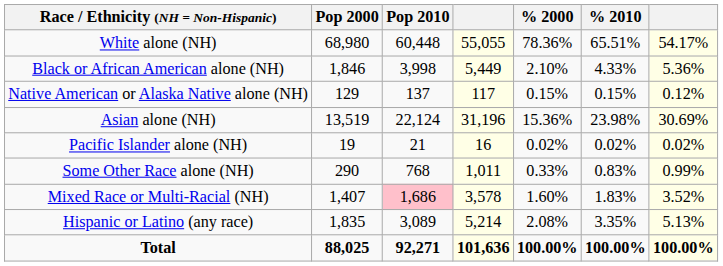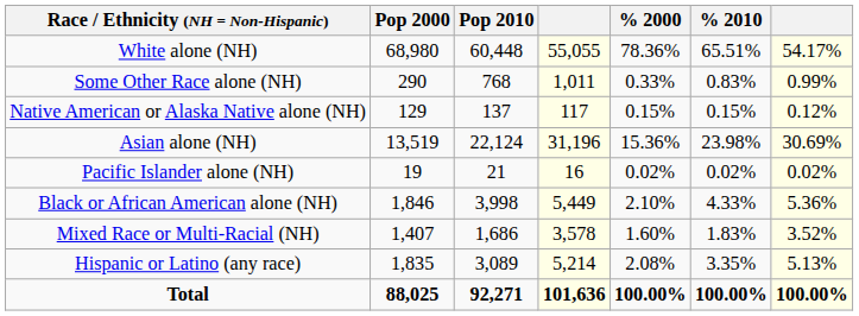 <table class="wikitable" style="text-align:center;">
 <tr>
 <th>Race / Ethnicity <small>(<em>NH = Non-Hispanic</em>)</small></th>
 <th>Pop 2000</th>
 <th>Pop 2010</th>
 <th></th>
 <th>% 2000</th>
 <th>% 2010</th>
 <th></th>
 </tr>
 <tr>
 <td><a href='#'>White</a> alone (NH)</td>
 <td>68,980</td>
 <td>60,448</td>
 <td style='background: #ffffe6;'>55,055</td>
 <td>78.36%</td>
 <td>65.51%</td>
 <td style='background: #ffffe6;'>54.17%</td>
 </tr>
 <tr>
-<td><a href='#'>Black or African American</a> alone (NH)</td>
-<td>1,846</td>
-<td>3,998</td>
-<td style='background: #ffffe6;'>5,449</td>
-<td>2.10%</td>
-<td>4.33%</td>
-<td style='background: #ffffe6;'>5.36%</td>
+<td><a href='#'>Some Other Race</a> alone (NH)</td>
+<td>290</td>
+<td>768</td>
+<td style='background: #ffffe6;'>1,011</td>
+<td>0.33%</td>
+<td>0.83%</td>
+<td style='background: #ffffe6;'>0.99%</td>
 </tr>
 <tr>
 <td><a href='#'>Native American</a> or <a href='#'>Alaska Native</a> alone (NH)</td>
 <td>129</td>
 <td>137</td>
 <td style='background: #ffffe6;'>117</td>
 <td>0.15%</td>
 <td>0.15%</td>
 <td style='background: #ffffe6;'>0.12%</td>
 </tr>
 <tr>
 <td><a href='#'>Asian</a> alone (NH)</td>
 <td>13,519</td>
 <td>22,124</td>
 <td style='background: #ffffe6;'>31,196</td>
 <td>15.36%</td>
 <td>23.98%</td>
 <td style='background: #ffffe6;'>30.69%</td>
 </tr>
 <tr>
 <td><a href='#'>Pacific Islander</a> alone (NH)</td>
 <td>19</td>
 <td>21</td>
 <td style='background: #ffffe6;'>16</td>
 <td>0.02%</td>
 <td>0.02%</td>
 <td style='background: #ffffe6;'>0.02%</td>
 </tr>
 <tr>
-<td><a href='#'>Some Other Race</a> alone (NH)</td>
-<td>290</td>
-<td>768</td>
-<td style='background: #ffffe6;'>1,011</td>
-<td>0.33%</td>
-<td>0.83%</td>
-<td style='background: #ffffe6;'>0.99%</td>
+<td><a href='#'>Black or African American</a> alone (NH)</td>
+<td>1,846</td>
+<td>3,998</td>
+<td style='background: #ffffe6;'>5,449</td>
+<td>2.10%</td>
+<td>4.33%</td>
+<td style='background: #ffffe6;'>5.36%</td>
 </tr>
 <tr>
 <td><a href='#'>Mixed Race or Multi-Racial</a> (NH)</td>
 <td>1,407</td>
-<td style="background: pink;">1,686</td>
+<td>1,686</td>
 <td style='background: #ffffe6;'>3,578</td>
 <td>1.60%</td>
 <td>1.83%</td>
 <td style='background: #ffffe6;'>3.52%</td>
 </tr>
 <tr>
 <td><a href='#'>Hispanic or Latino</a> (any race)</td>
 <td>1,835</td>
 <td>3,089</td>
 <td style='background: #ffffe6;'>5,214</td>
 <td>2.08%</td>
 <td>3.35%</td>
 <td style='background: #ffffe6;'>5.13%</td>
 </tr>
 <tr>
 <td><strong>Total</strong></td>
 <td><strong>88,025</strong></td>
 <td><strong>92,271</strong></td>
 <td style='background: #ffffe6;'><strong>101,636</strong></td>
 <td><strong>100.00%</strong></td>
 <td><strong>100.00%</strong></td>
 <td style='background: #ffffe6;'><strong>100.00%</strong></td>
 </tr>
 </table>
